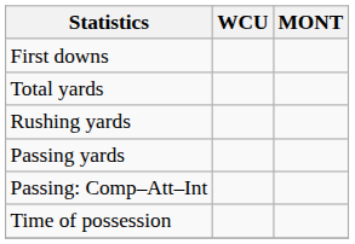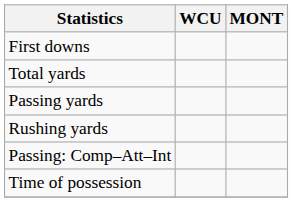 <table class="wikitable" style="float: left;">
 <tr>
 <th>Statistics</th>
 <th>WCU</th>
 <th>MONT</th>
 </tr>
 <tr>
 <td>First downs</td>
 <td></td>
 <td></td>
 </tr>
 <tr>
 <td>Total yards</td>
 <td></td>
 <td></td>
 </tr>
 <tr>
-<td>Rushing yards</td>
+<td>Passing yards</td>
 <td></td>
 <td></td>
 </tr>
 <tr>
-<td>Passing yards</td>
+<td>Rushing yards</td>
 <td></td>
 <td></td>
 </tr>
 <tr>
 <td>Passing: Comp–Att–Int</td>
 <td></td>
 <td></td>
 </tr>
 <tr>
 <td>Time of possession</td>
 <td></td>
 <td></td>
 </tr>
 <tr>
 </tr>
 </table>
